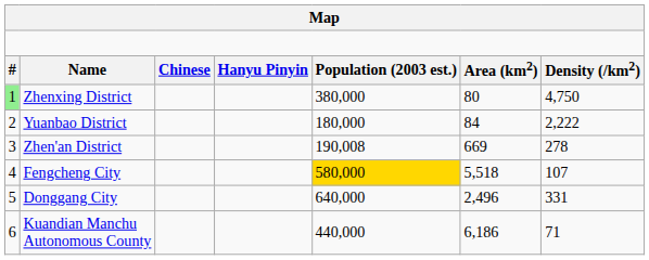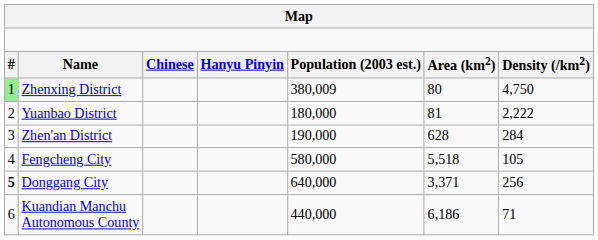 <table class="wikitable"  style="font-size:90%;" align=center>
 <tr>
 <th colspan="7" align="center">Map</th>
 </tr>
 <tr>
 <td colspan="7" align="center"><div><br>           </div></td>
 </tr>
 <tr>
 <th>#</th>
 <th>Name</th>
 <th><a href='#'>Chinese</a></th>
 <th><a href='#'>Hanyu Pinyin</a></th>
 <th>Population (2003 est.)</th>
 <th>Area (km<sup>2</sup>)</th>
 <th>Density (/km<sup>2</sup>)</th>
 </tr>
 <tr --------->
 <td style="background: lightgreen;">1</td>
 <td><a href='#'>Zhenxing District</a></td>
 <td></td>
 <td></td>
-<td>380,000</td>
+<td>380,009</td>
 <td>80</td>
 <td>4,750</td>
 </tr>
 <tr --------->
 <td>2</td>
 <td><a href='#'>Yuanbao District</a></td>
 <td></td>
 <td></td>
 <td>180,000</td>
-<td>84</td>
+<td>81</td>
 <td>2,222</td>
 </tr>
 <tr --------->
 <td>3</td>
 <td><a href='#'>Zhen'an District</a></td>
 <td></td>
 <td></td>
-<td>190,008</td>
-<td>669</td>
-<td>278</td>
+<td>190,000</td>
+<td>628</td>
+<td>284</td>
 </tr>
 <tr --------->
 <td>4</td>
 <td><a href='#'>Fengcheng City</a></td>
 <td></td>
 <td></td>
-<td style="background: gold;">580,000</td>
+<td>580,000</td>
 <td>5,518</td>
-<td>107</td>
+<td>105</td>
 </tr>
 <tr --------->
-<td>5</td>
+<td><strong>5</strong></td>
 <td><a href='#'>Donggang City</a></td>
 <td></td>
 <td></td>
 <td>640,000</td>
-<td>2,496</td>
-<td>331</td>
+<td>3,371</td>
+<td>256</td>
 </tr>
 <tr --------->
 <td>6</td>
 <td><a href='#'>Kuandian Manchu</a><br><a href='#'>Autonomous County</a></td>
 <td></td>
 <td></td>
 <td>440,000</td>
 <td>6,186</td>
 <td>71</td>
 </tr>
 </table>
